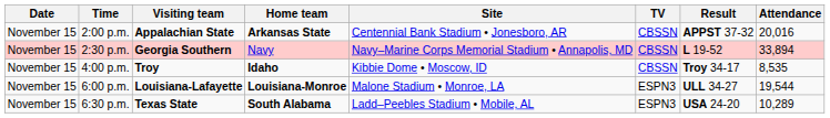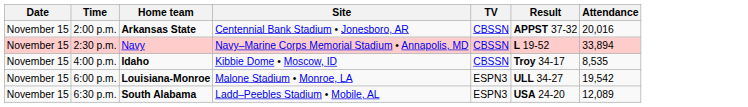 <table class="wikitable" style="font-size:95%;">
 <tr>
 <th>Date</th>
 <th>Time</th>
-<th>Visiting team</th>
 <th>Home team</th>
 <th>Site</th>
 <th>TV</th>
 <th>Result</th>
 <th>Attendance</th>
 </tr>
 <tr style="background:">
 <td>November 15</td>
 <td>2:00 p.m.</td>
-<td><strong>Appalachian State</strong></td>
 <td><strong>Arkansas State</strong></td>
 <td><a href='#'>Centennial Bank Stadium</a> • <a href='#'>Jonesboro, AR</a></td>
 <td><a href='#'>CBSSN</a></td>
 <td><strong>APPST</strong> 37-32</td>
 <td>20,016</td>
 </tr>
 <tr style="background:#fcc">
 <td>November 15</td>
 <td>2:30 p.m.</td>
-<td><strong>Georgia Southern</strong></td>
 <td><a href='#'>Navy</a></td>
 <td><a href='#'>Navy–Marine Corps Memorial Stadium</a> • <a href='#'>Annapolis, MD</a></td>
 <td><a href='#'>CBSSN</a></td>
 <td><strong>L</strong> 19-52</td>
 <td>33,894</td>
 </tr>
 <tr style="background:">
 <td>November 15</td>
 <td>4:00 p.m.</td>
-<td><strong>Troy</strong></td>
 <td><strong>Idaho</strong></td>
 <td><a href='#'>Kibbie Dome</a> • <a href='#'>Moscow, ID</a></td>
 <td><a href='#'>CBSSN</a></td>
 <td><strong>Troy</strong> 34-17</td>
 <td>8,535</td>
 </tr>
 <tr style="background:">
 <td>November 15</td>
 <td>6:00 p.m.</td>
-<td><strong>Louisiana-Lafayette</strong></td>
 <td><strong>Louisiana-Monroe</strong></td>
 <td><a href='#'>Malone Stadium</a> • <a href='#'>Monroe, LA</a></td>
 <td>ESPN3</td>
 <td><strong>ULL</strong> 34-27</td>
-<td>19,544</td>
+<td>19,542</td>
 </tr>
 <tr style="background:">
 <td>November 15</td>
 <td>6:30 p.m.</td>
-<td><strong>Texas State</strong></td>
 <td><strong>South Alabama</strong></td>
 <td><a href='#'>Ladd–Peebles Stadium</a> • <a href='#'>Mobile, AL</a></td>
 <td>ESPN3</td>
 <td><strong>USA</strong> 24-20</td>
-<td>10,289</td>
+<td>12,089</td>
 </tr>
 </table>
